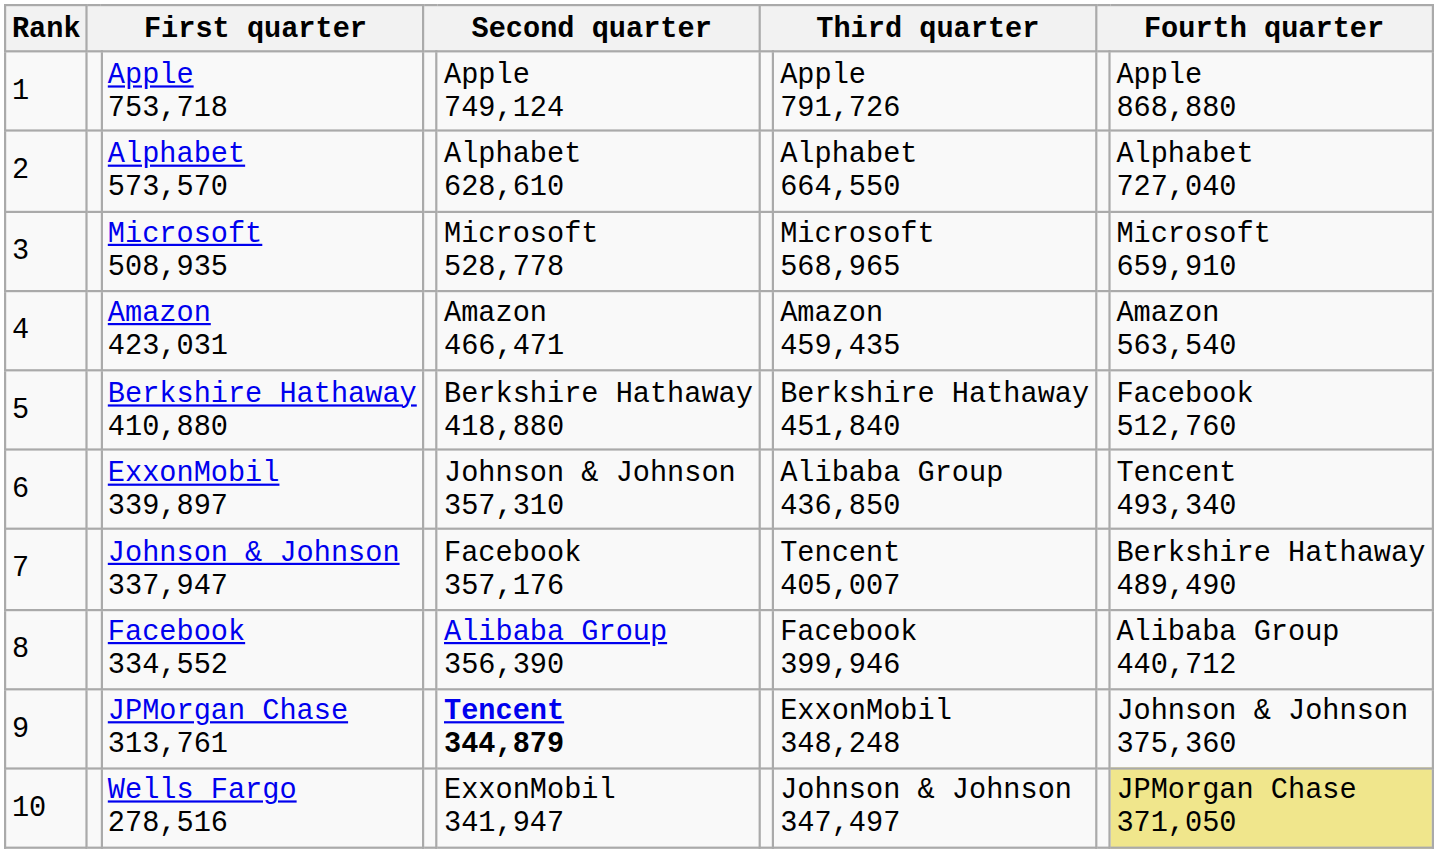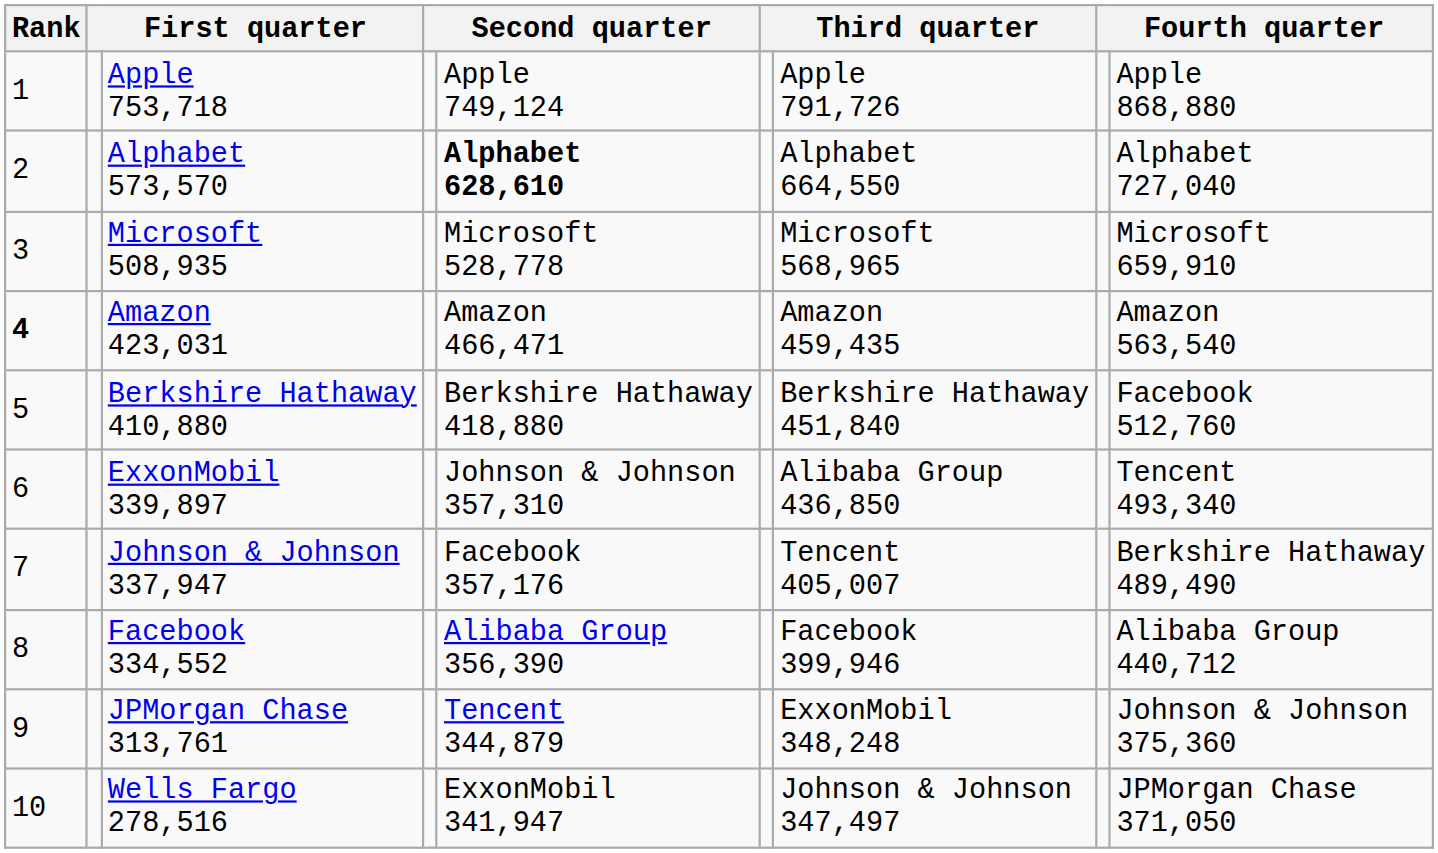 <table class="wikitable">
 <tr>
 <th>Rank</th>
 <th colspan=2>First quarter</th>
 <th colspan=2>Second quarter</th>
 <th colspan=2>Third quarter</th>
 <th colspan=2>Fourth quarter</th>
 </tr>
 <tr>
 <td>1</td>
 <td></td>
 <td><a href='#'>Apple</a> <br> 753,718</td>
 <td></td>
 <td>Apple <br> 749,124</td>
 <td></td>
 <td>Apple <br> 791,726</td>
 <td></td>
 <td>Apple <br> 868,880</td>
 </tr>
 <tr>
 <td>2</td>
 <td></td>
 <td><a href='#'>Alphabet</a> <br> 573,570</td>
 <td></td>
-<td>Alphabet <br> 628,610</td>
+<td><strong>Alphabet <br> 628,610</strong></td>
 <td></td>
 <td>Alphabet <br> 664,550</td>
 <td></td>
 <td>Alphabet <br> 727,040</td>
 </tr>
 <tr>
 <td>3</td>
 <td></td>
 <td><a href='#'>Microsoft</a> <br> 508,935</td>
 <td></td>
 <td>Microsoft <br> 528,778</td>
 <td></td>
 <td>Microsoft <br> 568,965</td>
 <td></td>
 <td>Microsoft <br> 659,910</td>
 </tr>
 <tr>
-<td>4</td>
+<td><strong>4</strong></td>
 <td></td>
 <td><a href='#'>Amazon</a> <br> 423,031</td>
 <td></td>
 <td>Amazon <br> 466,471</td>
 <td></td>
 <td>Amazon <br> 459,435</td>
 <td></td>
 <td>Amazon <br> 563,540</td>
 </tr>
 <tr>
 <td>5</td>
 <td></td>
 <td><a href='#'>Berkshire Hathaway</a> <br> 410,880</td>
 <td></td>
 <td>Berkshire Hathaway <br> 418,880</td>
 <td></td>
 <td>Berkshire Hathaway <br> 451,840</td>
 <td></td>
 <td>Facebook <br> 512,760</td>
 </tr>
 <tr>
 <td>6</td>
 <td></td>
 <td><a href='#'>ExxonMobil</a><br> 339,897</td>
 <td></td>
 <td>Johnson & Johnson <br> 357,310</td>
 <td></td>
 <td>Alibaba Group <br> 436,850</td>
 <td></td>
 <td>Tencent <br> 493,340</td>
 </tr>
 <tr>
 <td>7</td>
 <td></td>
 <td><a href='#'>Johnson & Johnson</a> <br> 337,947</td>
 <td></td>
 <td>Facebook <br> 357,176</td>
 <td></td>
 <td>Tencent <br> 405,007</td>
 <td></td>
 <td>Berkshire Hathaway <br> 489,490</td>
 </tr>
 <tr>
 <td>8</td>
 <td></td>
 <td><a href='#'>Facebook</a> <br> 334,552</td>
 <td></td>
 <td><a href='#'>Alibaba Group</a> <br> 356,390</td>
 <td></td>
 <td>Facebook <br> 399,946</td>
 <td></td>
 <td>Alibaba Group <br> 440,712</td>
 </tr>
 <tr>
 <td>9</td>
 <td></td>
 <td><a href='#'>JPMorgan Chase</a> <br> 313,761</td>
 <td></td>
-<td><strong><a href='#'>Tencent</a> <br> 344,879</strong></td>
+<td><a href='#'>Tencent</a> <br> 344,879</td>
 <td></td>
 <td>ExxonMobil<br> 348,248</td>
 <td></td>
 <td>Johnson & Johnson <br> 375,360</td>
 </tr>
 <tr>
 <td>10</td>
 <td></td>
 <td><a href='#'>Wells Fargo</a><br> 278,516</td>
 <td></td>
 <td>ExxonMobil<br> 341,947</td>
 <td></td>
 <td>Johnson & Johnson <br> 347,497</td>
 <td></td>
-<td style="background: khaki;">JPMorgan Chase <br> 371,050<br></td>
+<td>JPMorgan Chase <br> 371,050<br></td>
 </tr>
 </table>
